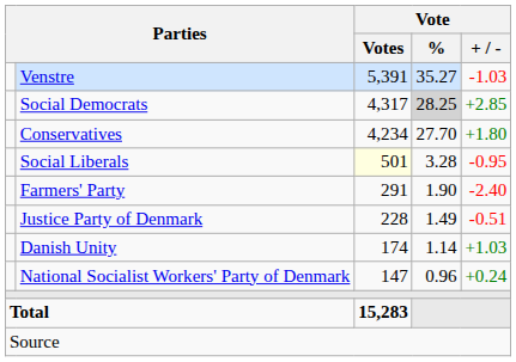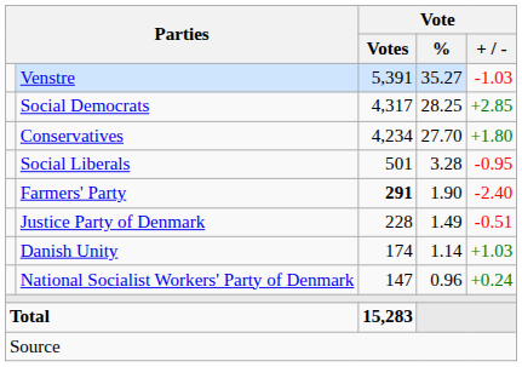 <table class="wikitable" style="text-align:right;">
 <tr>
 <th style="text-align:centre;" rowspan="2" colspan="2" width="225">Parties</th>
 <th colspan="3">Vote</th>
 </tr>
 <tr>
 <th width="15">Votes</th>
 <th width="15">%</th>
 <th width="15">+ / -</th>
 </tr>
 <tr>
 <td width="2" style="color:inherit;background:"></td>
 <td bgcolor=#cfe5fe  align="left"><a href='#'>Venstre</a></td>
 <td bgcolor=#cfe5fe>5,391</td>
 <td bgcolor=#cfe5fe>35.27</td>
 <td style=color:red;>-1.03</td>
 </tr>
 <tr>
 <td width="2" style="color:inherit;background:"></td>
 <td align="left"><a href='#'>Social Democrats</a></td>
 <td>4,317</td>
-<td style="background: lightgrey;">28.25</td>
+<td>28.25</td>
 <td style=color:green;>+2.85</td>
 </tr>
 <tr>
 <td width="2" style="color:inherit;background:"></td>
 <td align="left"><a href='#'>Conservatives</a></td>
 <td>4,234</td>
 <td>27.70</td>
 <td style=color:green;>+1.80</td>
 </tr>
 <tr>
 <td width="2" style="color:inherit;background:"></td>
 <td align="left"><a href='#'>Social Liberals</a></td>
-<td style="background: lightyellow;">501</td>
+<td>501</td>
 <td>3.28</td>
 <td style=color:red;>-0.95</td>
 </tr>
 <tr>
 <td width="2" style="color:inherit;background:"></td>
 <td align="left"><a href='#'>Farmers' Party</a></td>
-<td>291</td>
+<td><strong>291</strong></td>
 <td>1.90</td>
 <td style=color:red;>-2.40</td>
 </tr>
 <tr>
 <td width="2" style="color:inherit;background:"></td>
 <td align="left"><a href='#'>Justice Party of Denmark</a></td>
 <td>228</td>
 <td>1.49</td>
 <td style=color:red;>-0.51</td>
 </tr>
 <tr>
 <td width="2" style="color:inherit;background:"></td>
 <td align="left"><a href='#'>Danish Unity</a></td>
 <td>174</td>
 <td>1.14</td>
 <td style=color:green;>+1.03</td>
 </tr>
 <tr>
 <td width="2" style="color:inherit;background:"></td>
 <td align="left"><a href='#'>National Socialist Workers' Party of Denmark</a></td>
 <td>147</td>
 <td>0.96</td>
 <td style=color:green;>+0.24</td>
 </tr>
 <tr>
 <td colspan="7" bgcolor="#E9E9E9"></td>
 </tr>
 <tr>
 <td align="left" colspan="2"><strong>Total</strong></td>
 <td><strong>15,283</strong></td>
 <td bgcolor="#E9E9E9" colspan="2"></td>
 </tr>
 <tr>
 <td align="left" colspan="6">Source</td>
 </tr>
 </table>
